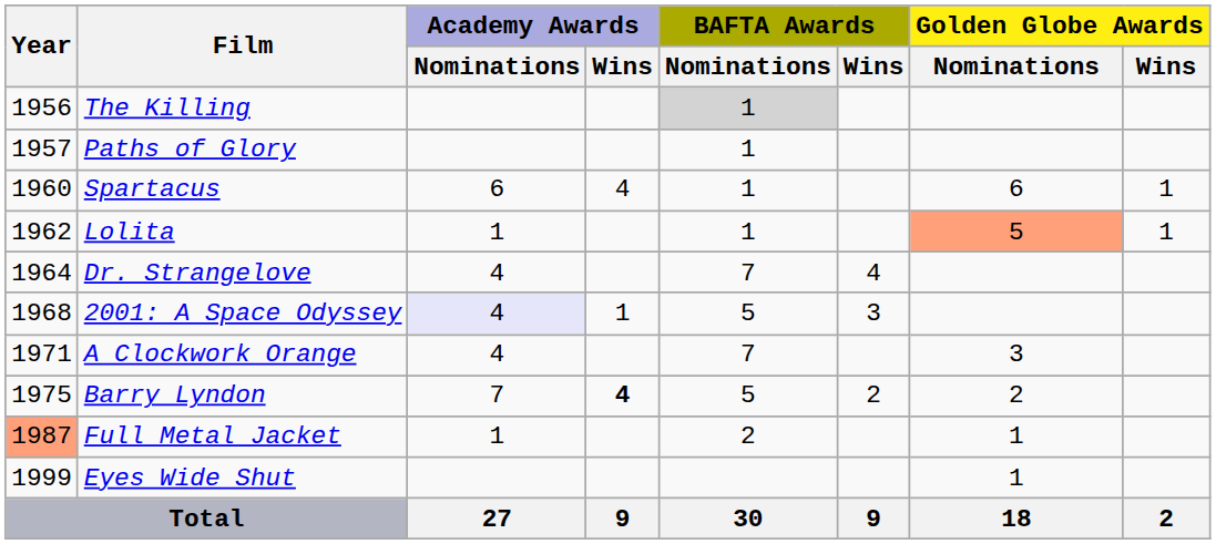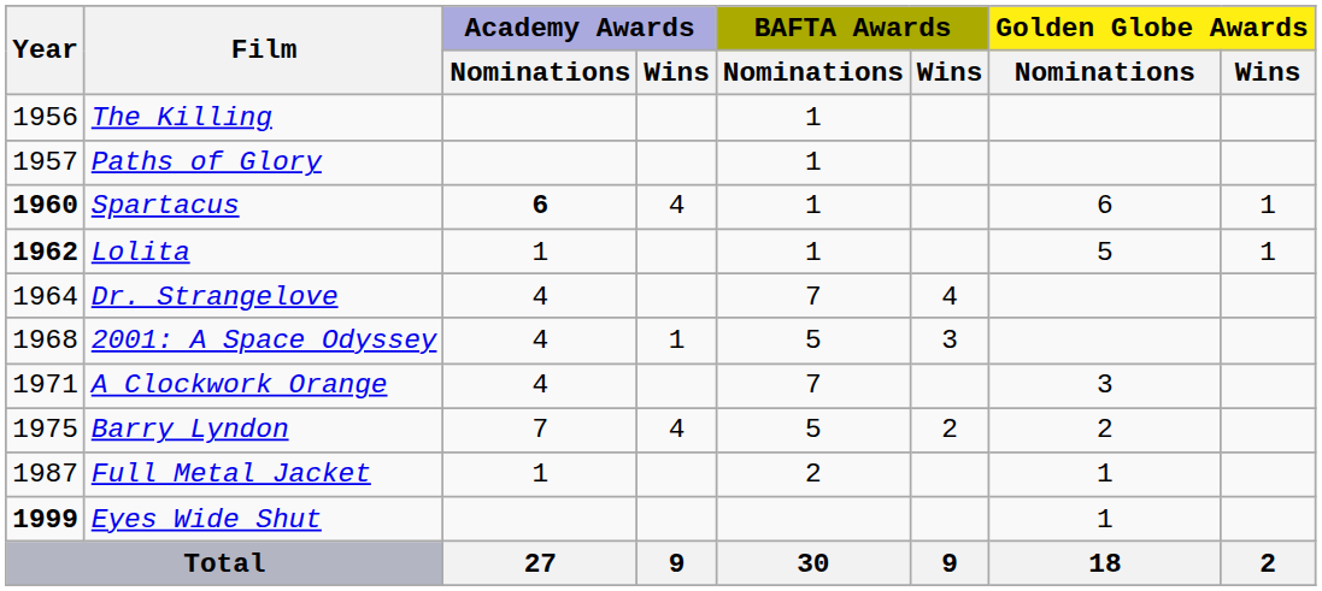 <table class="wikitable sortable">
 <tr>
 <th rowspan="2">Year</th>
 <th rowspan="2">Film</th>
 <th colspan="2" style="background-color:#aaaade;">Academy Awards</th>
 <th colspan="2" style="background-color:#aa0;">BAFTA Awards</th>
 <th colspan="2" style="background-color:#fe1;">Golden Globe Awards</th>
 </tr>
 <tr>
 <th>Nominations</th>
 <th>Wins</th>
 <th>Nominations</th>
 <th>Wins</th>
 <th>Nominations</th>
 <th>Wins</th>
 </tr>
 <tr>
 <td>1956</td>
 <td><em><a href='#'>The Killing</a></em></td>
 <td></td>
 <td></td>
-<td align=center style="background: lightgrey;">1</td>
+<td align=center>1</td>
 <td></td>
 <td></td>
 <td></td>
 </tr>
 <tr>
 <td>1957</td>
 <td><em><a href='#'>Paths of Glory</a></em></td>
 <td></td>
 <td></td>
 <td align=center>1</td>
 <td></td>
 <td></td>
 <td></td>
 </tr>
 <tr>
-<td>1960</td>
+<td><strong>1960</strong></td>
 <td><em><a href='#'>Spartacus</a></em></td>
-<td align=center>6</td>
+<td align=center><strong>6</strong></td>
 <td align=center>4</td>
 <td align=center>1</td>
 <td></td>
 <td align=center>6</td>
 <td align=center>1</td>
 </tr>
 <tr>
-<td>1962</td>
+<td><strong>1962</strong></td>
 <td><em><a href='#'>Lolita</a></em></td>
 <td align=center>1</td>
 <td></td>
 <td align=center>1</td>
 <td></td>
-<td align=center style="background: lightsalmon;">5</td>
+<td align=center>5</td>
 <td align=center>1</td>
 </tr>
 <tr>
 <td>1964</td>
 <td><em><a href='#'>Dr. Strangelove</a></em></td>
 <td align=center>4</td>
 <td></td>
 <td align=center>7</td>
 <td align=center>4</td>
 <td></td>
 <td></td>
 </tr>
 <tr>
 <td>1968</td>
 <td><em><a href='#'>2001: A Space Odyssey</a></em></td>
-<td align=center style="background: lavender;">4</td>
+<td align=center>4</td>
 <td align=center>1</td>
 <td align=center>5</td>
 <td align=center>3</td>
 <td></td>
 <td></td>
 </tr>
 <tr>
 <td>1971</td>
 <td><em><a href='#'>A Clockwork Orange</a></em></td>
 <td align=center>4</td>
 <td></td>
 <td align=center>7</td>
 <td></td>
 <td align=center>3</td>
 <td></td>
 </tr>
 <tr>
 <td>1975</td>
 <td><em><a href='#'>Barry Lyndon</a></em></td>
 <td align=center>7</td>
-<td align=center><strong>4</strong></td>
+<td align=center>4</td>
 <td align=center>5</td>
 <td align=center>2</td>
 <td align=center>2</td>
 <td></td>
 </tr>
 <tr>
-<td style="background: lightsalmon;">1987</td>
+<td>1987</td>
 <td><em><a href='#'>Full Metal Jacket</a></em></td>
 <td align=center>1</td>
 <td></td>
 <td align=center>2</td>
 <td></td>
 <td align=center>1</td>
 <td></td>
 </tr>
 <tr>
-<td>1999</td>
+<td><strong>1999</strong></td>
 <td><em><a href='#'>Eyes Wide Shut</a></em></td>
 <td></td>
 <td></td>
 <td></td>
 <td></td>
 <td align=center>1</td>
 <td></td>
 </tr>
 <tr>
 <th colspan="2" style="background-color:#b3b5c3;">Total</th>
 <th align=center>27</th>
 <th align=center>9</th>
 <th align=center>30</th>
 <th align=center>9</th>
 <th align=center>18</th>
 <th align=center>2</th>
 </tr>
 </table>
